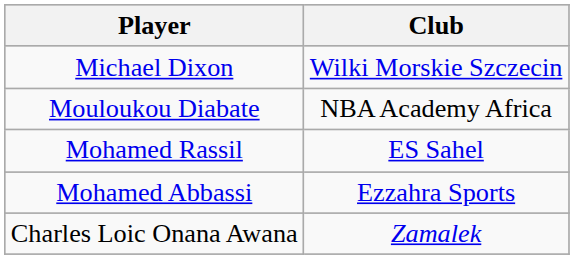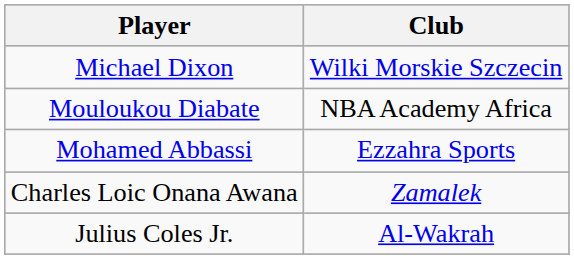 <table class="wikitable" style="text-align:center;">
 <tr>
 <th>Player</th>
 <th>Club</th>
 </tr>
 <tr>
 <td> <a href='#'>Michael Dixon</a></td>
 <td> <a href='#'>Wilki Morskie Szczecin</a></td>
 </tr>
 <tr>
 <td> <a href='#'>Mouloukou Diabate</a></td>
 <td> NBA Academy Africa</td>
 </tr>
 <tr>
-<td> <a href='#'>Mohamed Rassil</a></td>
-<td> <a href='#'>ES Sahel</a></td>
-</tr>
-<tr>
 <td> <a href='#'>Mohamed Abbassi</a></td>
 <td> <a href='#'>Ezzahra Sports</a></td>
 </tr>
 <tr>
 <td> Charles Loic Onana Awana</td>
 <td> <em><a href='#'>Zamalek</a></em></td>
 </tr>
+<tr>
+<td> Julius Coles Jr.</td>
+<td> <a href='#'>Al-Wakrah</a></td>
+</tr>
 </table>
